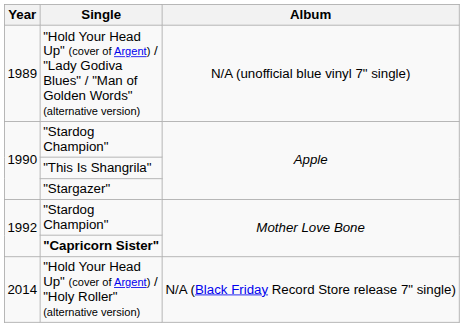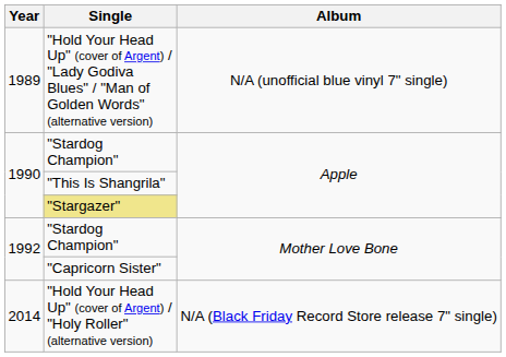 <table class="wikitable">
 <tr>
 <th>Year</th>
 <th width="140">Single</th>
 <th>Album</th>
 </tr>
 <tr>
 <td>1989</td>
 <td>"Hold Your Head Up" <small>(cover of <a href='#'>Argent</a>)</small> / "Lady Godiva Blues" / "Man of Golden Words" <small>(alternative version)</small></td>
 <td align="center">N/A (unofficial blue vinyl 7" single)</td>
 </tr>
 <tr>
 <td rowspan="3">1990</td>
 <td>"Stardog Champion"</td>
 <td rowspan="3" align="center"><em>Apple</em></td>
 </tr>
 <tr>
 <td>"This Is Shangrila"</td>
 </tr>
 <tr>
-<td>"Stargazer"</td>
+<td style="background: khaki;">"Stargazer"</td>
 </tr>
 <tr>
 <td rowspan="2">1992</td>
 <td>"Stardog Champion"</td>
 <td rowspan="2" align="center"><em>Mother Love Bone</em></td>
 </tr>
 <tr>
-<td><strong>"Capricorn Sister"</strong></td>
+<td>"Capricorn Sister"</td>
 </tr>
 <tr>
 <td>2014</td>
 <td>"Hold Your Head Up" <small>(cover of <a href='#'>Argent</a>)</small> / "Holy Roller" <small>(alternative version)</small></td>
 <td align="center">N/A (<a href='#'>Black Friday</a> Record Store release 7" single)</td>
 </tr>
 </table>
